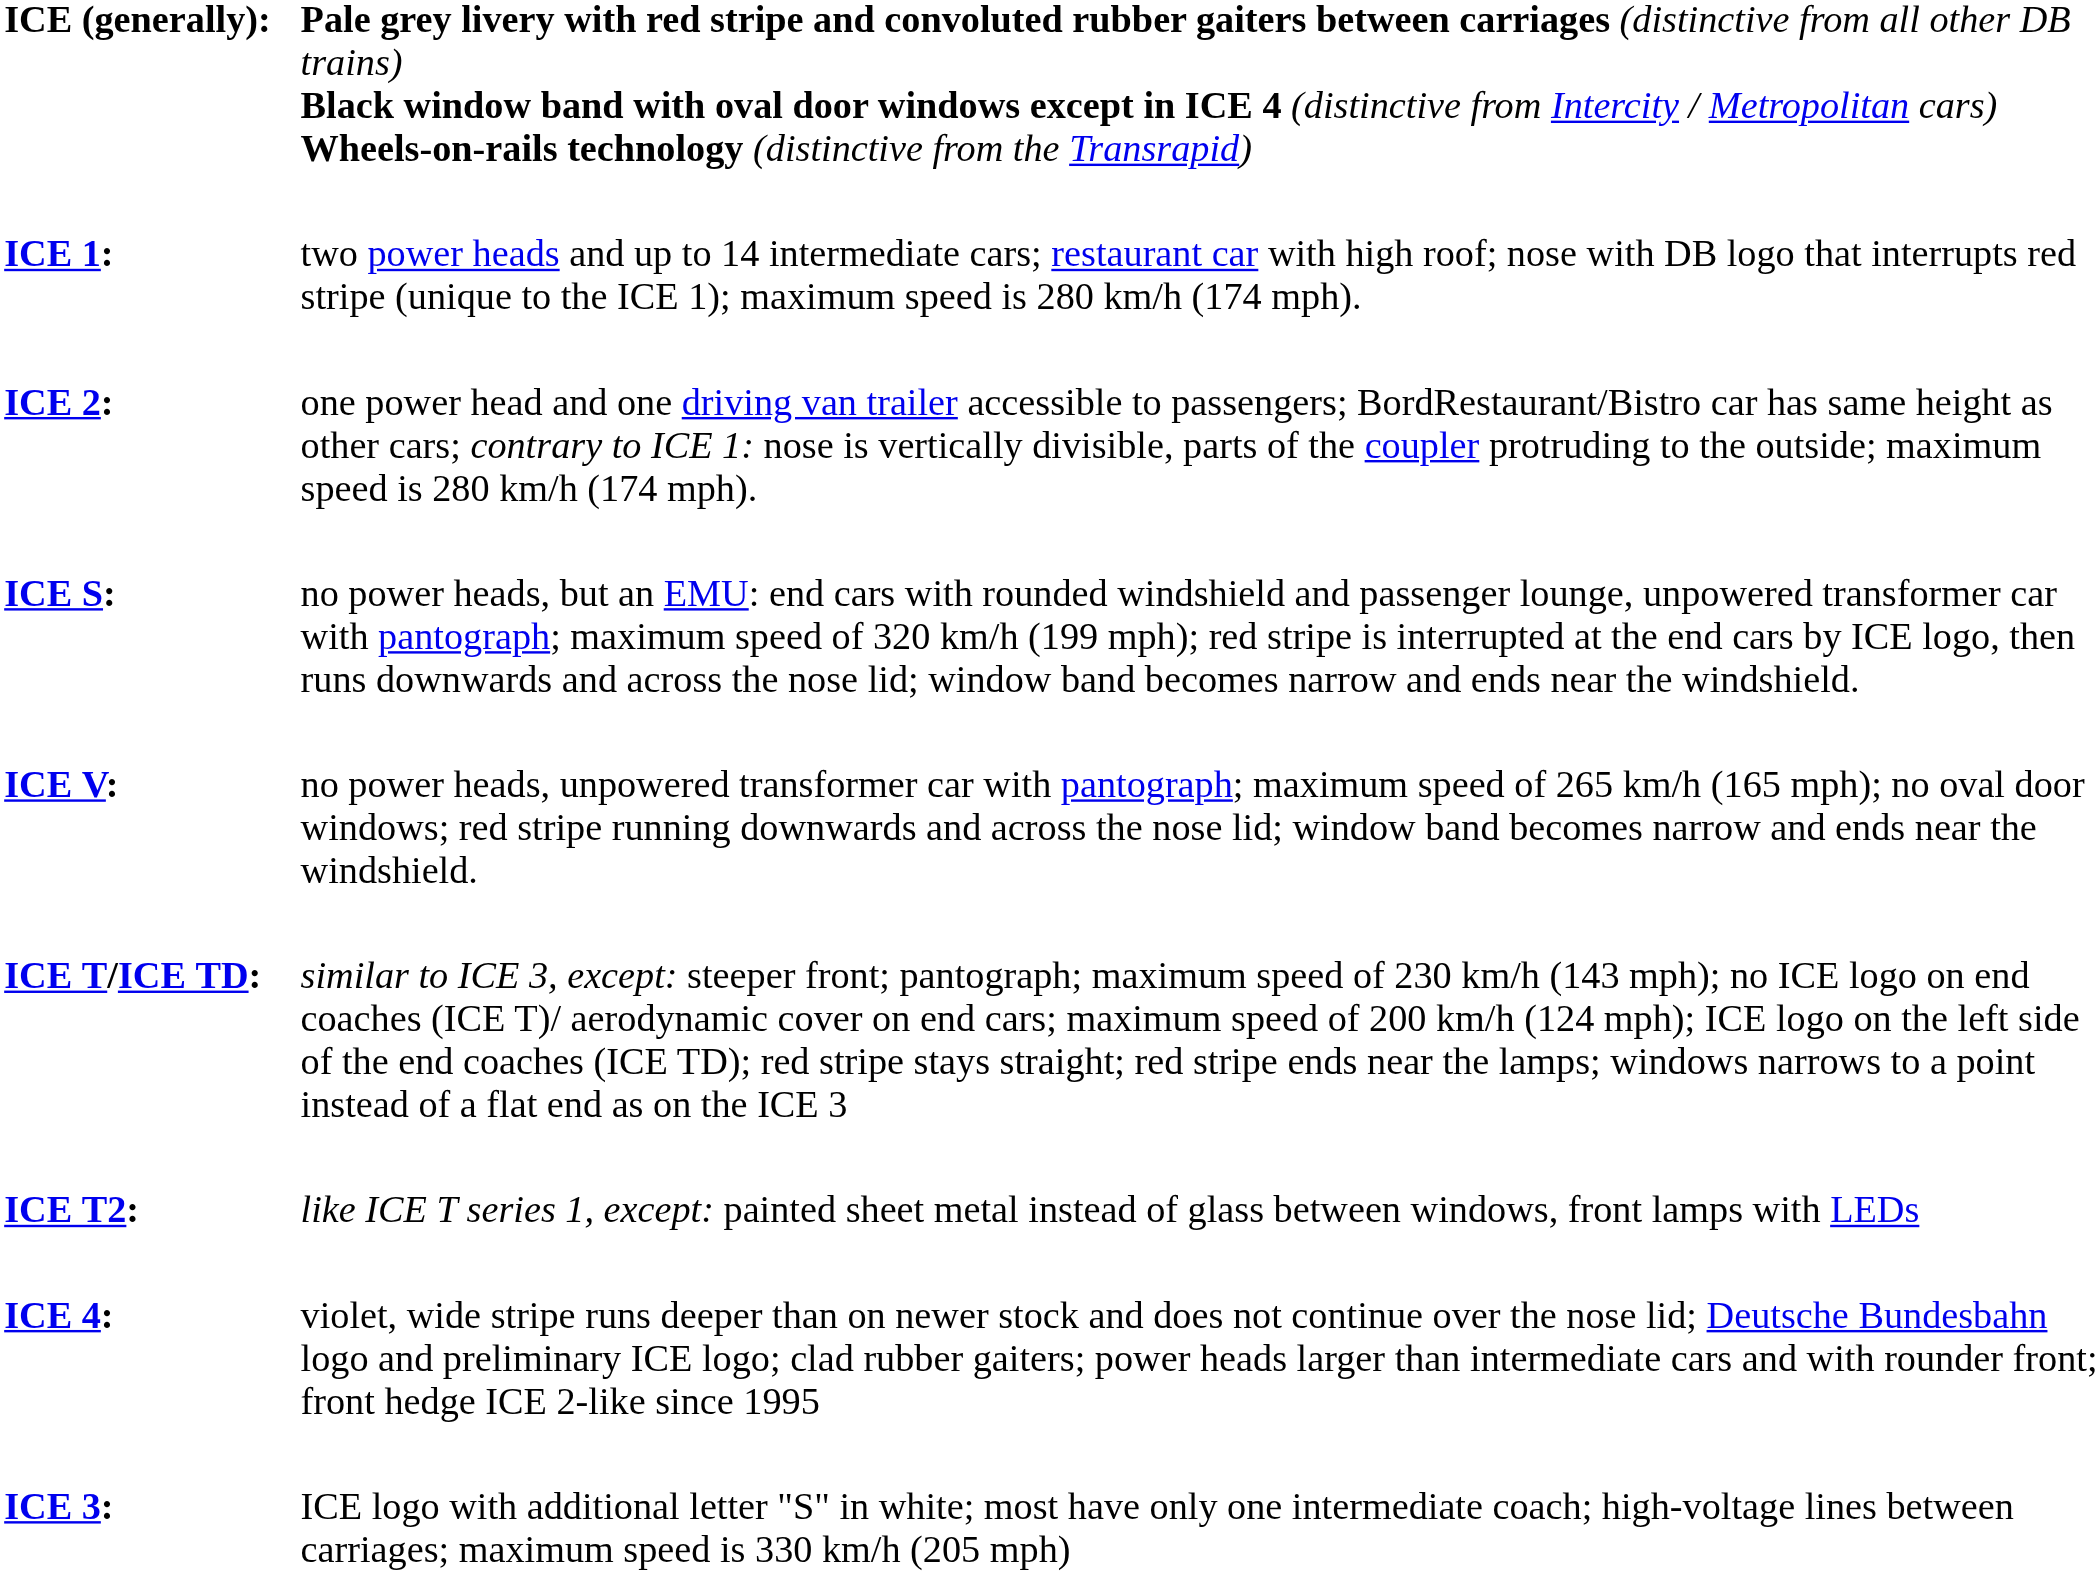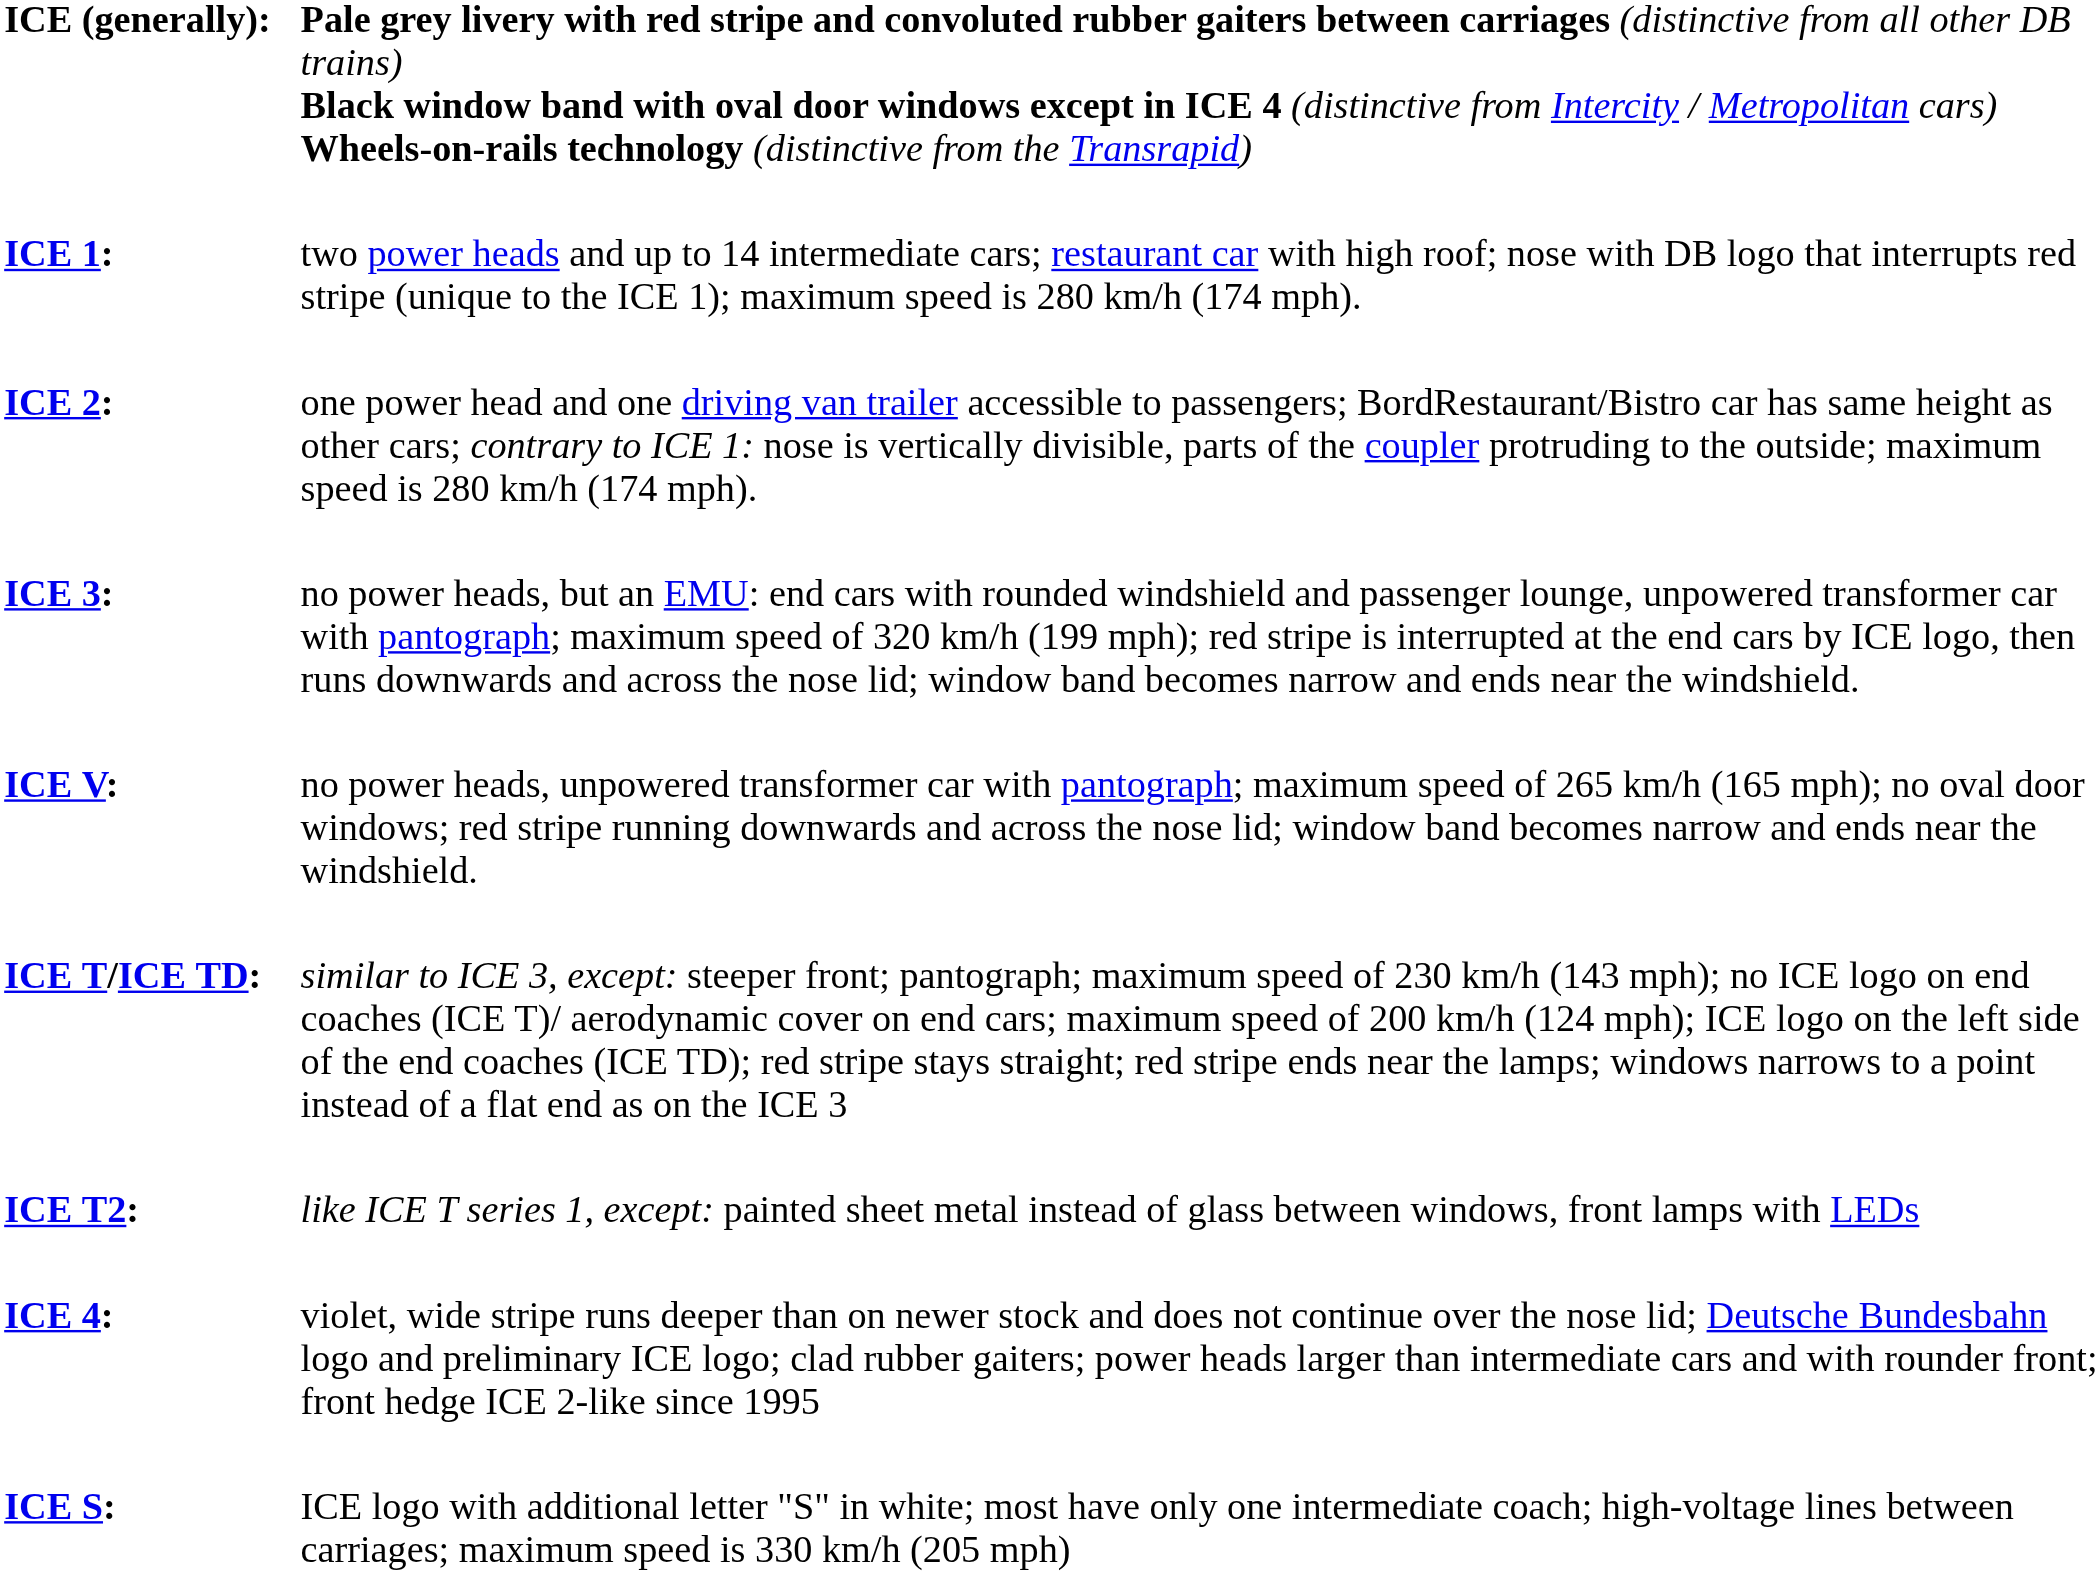 <table>
 <tr>
 <th style="width:120px;"></th>
 <th></th>
 </tr>
 <tr valign="top">
 <td><strong>ICE (generally):</strong></td>
 <td><strong>Pale grey livery with red stripe and convoluted rubber gaiters between carriages</strong> <em>(distinctive from all other DB trains)</em> <br> <strong>Black window band with oval door windows except in ICE 4</strong> <em>(distinctive from <a href='#'>Intercity</a> / <a href='#'>Metropolitan</a> cars)</em> <br> <strong>Wheels-on-rails technology</strong> <em>(distinctive from the <a href='#'>Transrapid</a>)</em></td>
 </tr>
 <tr valign="top">
 <td colspan=2><br></td>
 </tr>
 <tr valign="top">
 <td><strong><a href='#'>ICE&nbsp;1</a>:</strong></td>
 <td>two <a href='#'>power heads</a> and up to 14 intermediate cars; <a href='#'>restaurant car</a> with high roof; nose with DB logo that interrupts red stripe (unique to the ICE 1); maximum speed is 280 km/h (174 mph).</td>
 </tr>
 <tr valign="top">
 <td colspan=2><br></td>
 </tr>
 <tr valign="top">
 <td><strong><a href='#'>ICE&nbsp;2</a>:</strong></td>
 <td>one power head and one <a href='#'>driving van trailer</a> accessible to passengers; BordRestaurant/Bistro car has same height as other cars; <em>contrary to ICE 1:</em> nose is vertically divisible, parts of the <a href='#'>coupler</a> protruding to the outside; maximum speed is 280 km/h (174 mph).</td>
 </tr>
 <tr valign="top">
 <td colspan=2><br></td>
 </tr>
 <tr valign="top">
-<td><strong><a href='#'>ICE&nbsp;S</a>:</strong></td>
+<td><strong><a href='#'>ICE&nbsp;3</a>:</strong></td>
 <td>no power heads, but an <a href='#'>EMU</a>: end cars with rounded windshield and passenger lounge, unpowered transformer car with <a href='#'>pantograph</a>; maximum speed of 320 km/h (199 mph); red stripe is interrupted at the end cars by ICE logo, then runs downwards and across the nose lid; window band becomes narrow and ends near the windshield.</td>
 </tr>
 <tr valign="top">
 <td colspan=2><br></td>
 </tr>
 <tr valign="top">
 <td><strong><a href='#'>ICE&nbsp;V</a>:</strong></td>
 <td>no power heads, unpowered transformer car with <a href='#'>pantograph</a>; maximum speed of 265 km/h (165 mph); no oval door windows; red stripe running downwards and across the nose lid; window band becomes narrow and ends near the windshield.</td>
 </tr>
 <tr valign="top">
 <td colspan=2><br></td>
 </tr>
 <tr valign="top">
 <td><strong><a href='#'>ICE&nbsp;T</a>/<a href='#'>ICE&nbsp;TD</a>:</strong></td>
 <td><em>similar to ICE 3, except:</em> steeper front; pantograph; maximum speed of 230 km/h (143 mph); no ICE logo on end coaches (ICE T)/ aerodynamic cover on end cars; maximum speed of 200 km/h (124 mph); ICE logo on the left side of the end coaches (ICE TD); red stripe stays straight; red stripe ends near the lamps; windows narrows to a point instead of a flat end as on the ICE 3</td>
 </tr>
 <tr valign="top">
 <td colspan=2><br></td>
 </tr>
 <tr valign="top">
 <td><strong><a href='#'>ICE&nbsp;T2</a>:</strong></td>
 <td><em>like ICE T series 1, except:</em> painted sheet metal instead of glass between windows, front lamps with <a href='#'>LEDs</a></td>
 </tr>
 <tr valign="top">
 <td colspan=2><br></td>
 </tr>
 <tr valign="top">
 <td><strong><a href='#'>ICE 4</a>:</strong></td>
 <td>violet, wide stripe runs deeper than on newer stock and does not continue over the nose lid; <a href='#'>Deutsche Bundesbahn</a> logo and preliminary ICE logo; clad rubber gaiters; power heads larger than intermediate cars and with rounder front; front hedge ICE 2-like since 1995</td>
 </tr>
 <tr valign="top">
 <td colspan=2><br></td>
 </tr>
 <tr valign="top">
-<td><strong><a href='#'>ICE&nbsp;3</a>:</strong></td>
+<td><strong><a href='#'>ICE&nbsp;S</a>:</strong></td>
 <td>ICE logo with additional letter "S" in white; most have only one intermediate coach; high-voltage lines between carriages; maximum speed is 330 km/h (205 mph)</td>
 </tr>
 </table>
